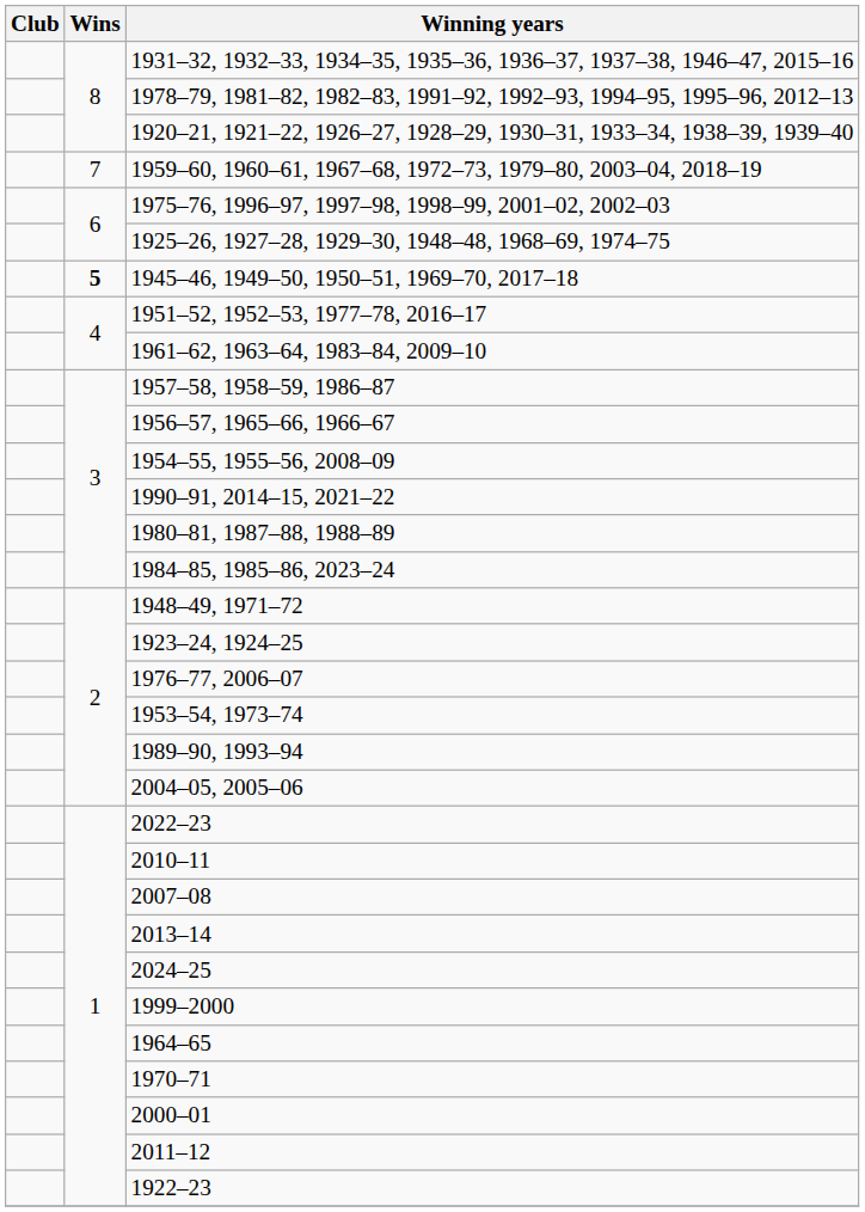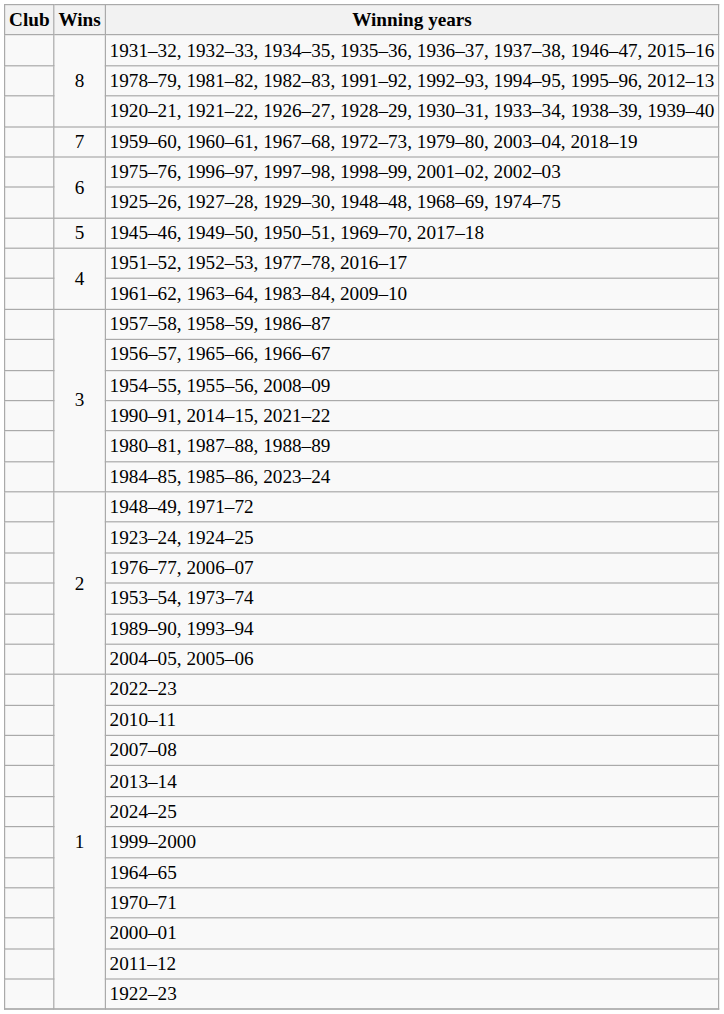 <table class="wikitable">
 <tr>
 <th>Club</th>
 <th>Wins</th>
 <th>Winning years</th>
 </tr>
 <tr>
 <td></td>
 <td style="text-align:center;" rowspan=3>8</td>
 <td>1931–32, 1932–33, 1934–35, 1935–36, 1936–37, 1937–38, 1946–47, 2015–16</td>
 </tr>
 <tr>
 <td></td>
 <td>1978–79, 1981–82, 1982–83, 1991–92, 1992–93, 1994–95, 1995–96, 2012–13</td>
 </tr>
 <tr>
 <td></td>
 <td>1920–21, 1921–22, 1926–27, 1928–29, 1930–31, 1933–34, 1938–39, 1939–40</td>
 </tr>
 <tr>
 <td></td>
 <td style="text-align:center;">7</td>
 <td>1959–60, 1960–61, 1967–68, 1972–73, 1979–80, 2003–04, 2018–19</td>
 </tr>
 <tr>
 <td></td>
 <td style="text-align:center;" rowspan=2>6</td>
 <td>1975–76, 1996–97, 1997–98, 1998–99, 2001–02, 2002–03</td>
 </tr>
 <tr>
 <td></td>
 <td>1925–26, 1927–28, 1929–30, 1948–48, 1968–69, 1974–75</td>
 </tr>
 <tr>
 <td></td>
-<td style="text-align:center;"><strong>5</strong></td>
+<td style="text-align:center;">5</td>
 <td>1945–46, 1949–50, 1950–51, 1969–70, 2017–18</td>
 </tr>
 <tr>
 <td></td>
 <td style="text-align:center;" rowspan=2>4</td>
 <td>1951–52, 1952–53, 1977–78, 2016–17</td>
 </tr>
 <tr>
 <td></td>
 <td>1961–62, 1963–64, 1983–84, 2009–10</td>
 </tr>
 <tr>
 <td></td>
 <td style="text-align:center;" rowspan=6>3</td>
 <td>1957–58, 1958–59, 1986–87</td>
 </tr>
 <tr>
 <td></td>
 <td>1956–57, 1965–66, 1966–67</td>
 </tr>
 <tr>
 <td></td>
 <td>1954–55, 1955–56, 2008–09</td>
 </tr>
 <tr>
 <td></td>
 <td>1990–91, 2014–15, 2021–22</td>
 </tr>
 <tr>
 <td></td>
 <td>1980–81, 1987–88, 1988–89</td>
 </tr>
 <tr>
 <td></td>
 <td>1984–85, 1985–86, 2023–24</td>
 </tr>
 <tr>
 <td></td>
 <td style="text-align:center;" rowspan=6>2</td>
 <td>1948–49, 1971–72</td>
 </tr>
 <tr>
 <td></td>
 <td>1923–24, 1924–25</td>
 </tr>
 <tr>
 <td></td>
 <td>1976–77, 2006–07</td>
 </tr>
 <tr>
 <td></td>
 <td>1953–54, 1973–74</td>
 </tr>
 <tr>
 <td></td>
 <td>1989–90, 1993–94</td>
 </tr>
 <tr>
 <td></td>
 <td>2004–05, 2005–06</td>
 </tr>
 <tr>
 <td></td>
 <td style="text-align:center;" rowspan=11>1</td>
 <td>2022–23</td>
 </tr>
 <tr>
 <td></td>
 <td>2010–11</td>
 </tr>
 <tr>
 <td></td>
 <td>2007–08</td>
 </tr>
 <tr>
 <td></td>
 <td>2013–14</td>
 </tr>
 <tr>
 <td></td>
 <td>2024–25</td>
 </tr>
 <tr>
 <td></td>
 <td>1999–2000</td>
 </tr>
 <tr>
 <td></td>
 <td>1964–65</td>
 </tr>
 <tr>
 <td></td>
 <td>1970–71</td>
 </tr>
 <tr>
 <td></td>
 <td>2000–01</td>
 </tr>
 <tr>
 <td></td>
 <td>2011–12</td>
 </tr>
 <tr>
 <td></td>
 <td>1922–23</td>
 </tr>
 <tr>
 </tr>
 </table>
